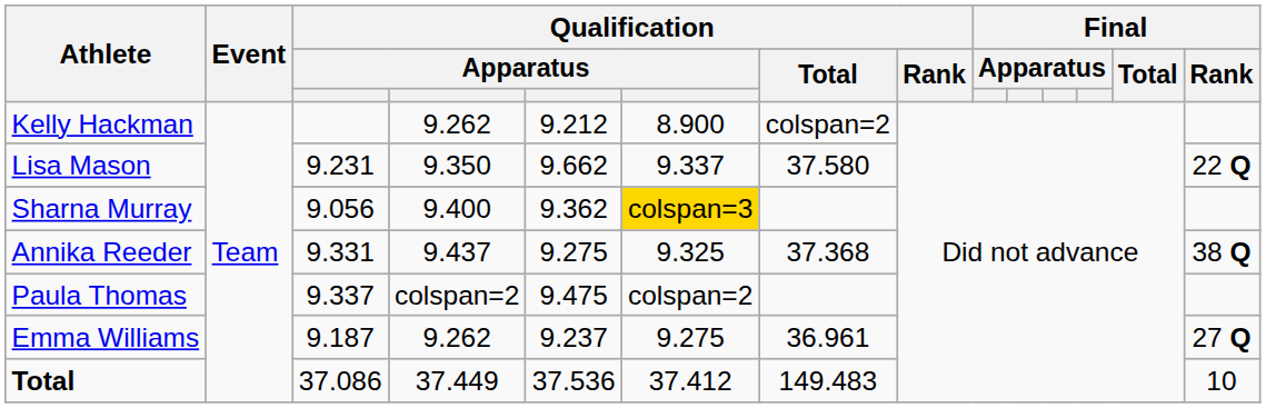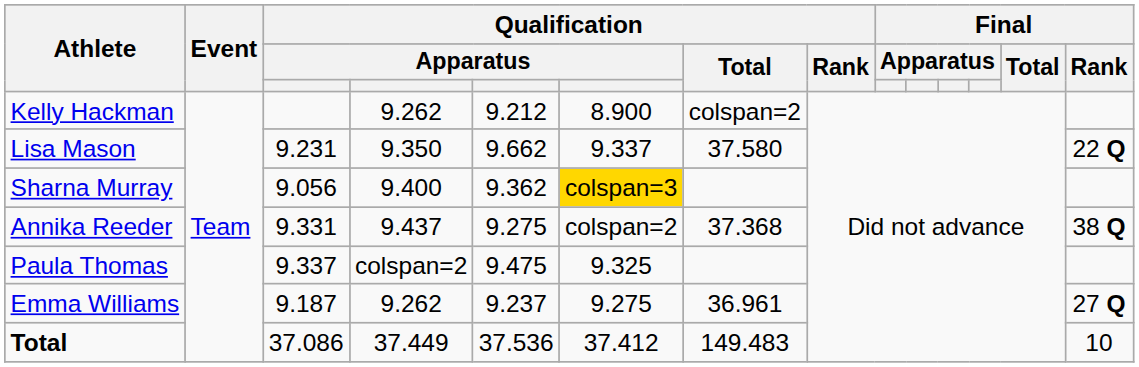 <table class="wikitable" style="font-size:90%">
 <tr>
 <th rowspan="3">Athlete</th>
 <th rowspan="3">Event</th>
 <th colspan=6>Qualification</th>
 <th colspan=6>Final</th>
 </tr>
 <tr style="font-size:95%">
 <th colspan=4>Apparatus</th>
 <th rowspan=2>Total</th>
 <th rowspan=2>Rank</th>
 <th colspan=4>Apparatus</th>
 <th rowspan=2>Total</th>
 <th rowspan=2>Rank</th>
 </tr>
 <tr style="font-size:95%">
 <th></th>
 <th></th>
 <th></th>
 <th></th>
 <th></th>
 <th></th>
 <th></th>
 <th></th>
 </tr>
 <tr align=center>
 <td align=left><a href='#'>Kelly Hackman</a></td>
 <td rowspan=7 align=left><a href='#'>Team</a></td>
 <td></td>
 <td>9.262</td>
 <td>9.212</td>
 <td>8.900</td>
 <td>colspan=2 </td>
 <td colspan=6 rowspan=7>Did not advance</td>
 </tr>
 <tr align=center>
 <td align=left><a href='#'>Lisa Mason</a></td>
 <td>9.231</td>
 <td>9.350</td>
 <td>9.662</td>
 <td>9.337</td>
 <td>37.580</td>
 <td>22 <strong>Q</strong></td>
 </tr>
 <tr align=center>
 <td align=left><a href='#'>Sharna Murray</a></td>
 <td>9.056</td>
 <td>9.400</td>
 <td>9.362</td>
 <td style="background: gold;">colspan=3 </td>
 </tr>
 <tr align=center>
 <td align=left><a href='#'>Annika Reeder</a></td>
 <td>9.331</td>
 <td>9.437</td>
 <td>9.275</td>
-<td>9.325</td>
+<td>colspan=2 </td>
 <td>37.368</td>
 <td>38 <strong>Q</strong></td>
 </tr>
 <tr align=center>
 <td align=left><a href='#'>Paula Thomas</a></td>
 <td>9.337</td>
 <td>colspan=2 </td>
 <td>9.475</td>
-<td>colspan=2 </td>
+<td>9.325</td>
 </tr>
 <tr align=center>
 <td align=left><a href='#'>Emma Williams</a></td>
 <td>9.187</td>
 <td>9.262</td>
 <td>9.237</td>
 <td>9.275</td>
 <td>36.961</td>
 <td>27 <strong>Q</strong></td>
 </tr>
 <tr align=center>
 <td align=left><strong>Total</strong></td>
 <td>37.086</td>
 <td>37.449</td>
 <td>37.536</td>
 <td>37.412</td>
 <td>149.483</td>
 <td>10</td>
 </tr>
 </table>
